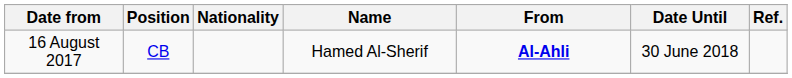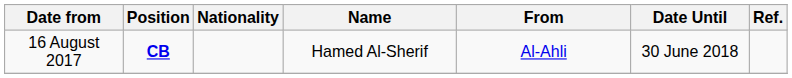 <table class="wikitable"  style="text-align:center; font-size:90%; ">
 <tr>
 <th style="background:FFFFFF; color:#000000; width:100px;">Date from</th>
 <th style="background:FFFFFF; color:#000000; width:50px;">Position</th>
 <th style="background:FFFFFF; color:#000000; width:50px;">Nationality</th>
 <th style="background:FFFFFF; color:#000000; width:150px;">Name</th>
 <th style="background:FFFFFF; color:#000000; width:150px;">From</th>
 <th style="background:FFFFFF; color:#000000; width:100px;">Date Until</th>
 <th style="background:FFFFFF; color:#000000; width:25px;">Ref.</th>
 </tr>
 <tr>
 <td>16 August 2017</td>
-<td><a href='#'>CB</a></td>
+<td><strong><a href='#'>CB</a></strong></td>
 <td></td>
 <td>Hamed Al-Sherif</td>
-<td><strong><a href='#'>Al-Ahli</a></strong></td>
+<td><a href='#'>Al-Ahli</a></td>
 <td>30 June 2018</td>
 <td></td>
 </tr>
 <tr>
 </tr>
 </table>
